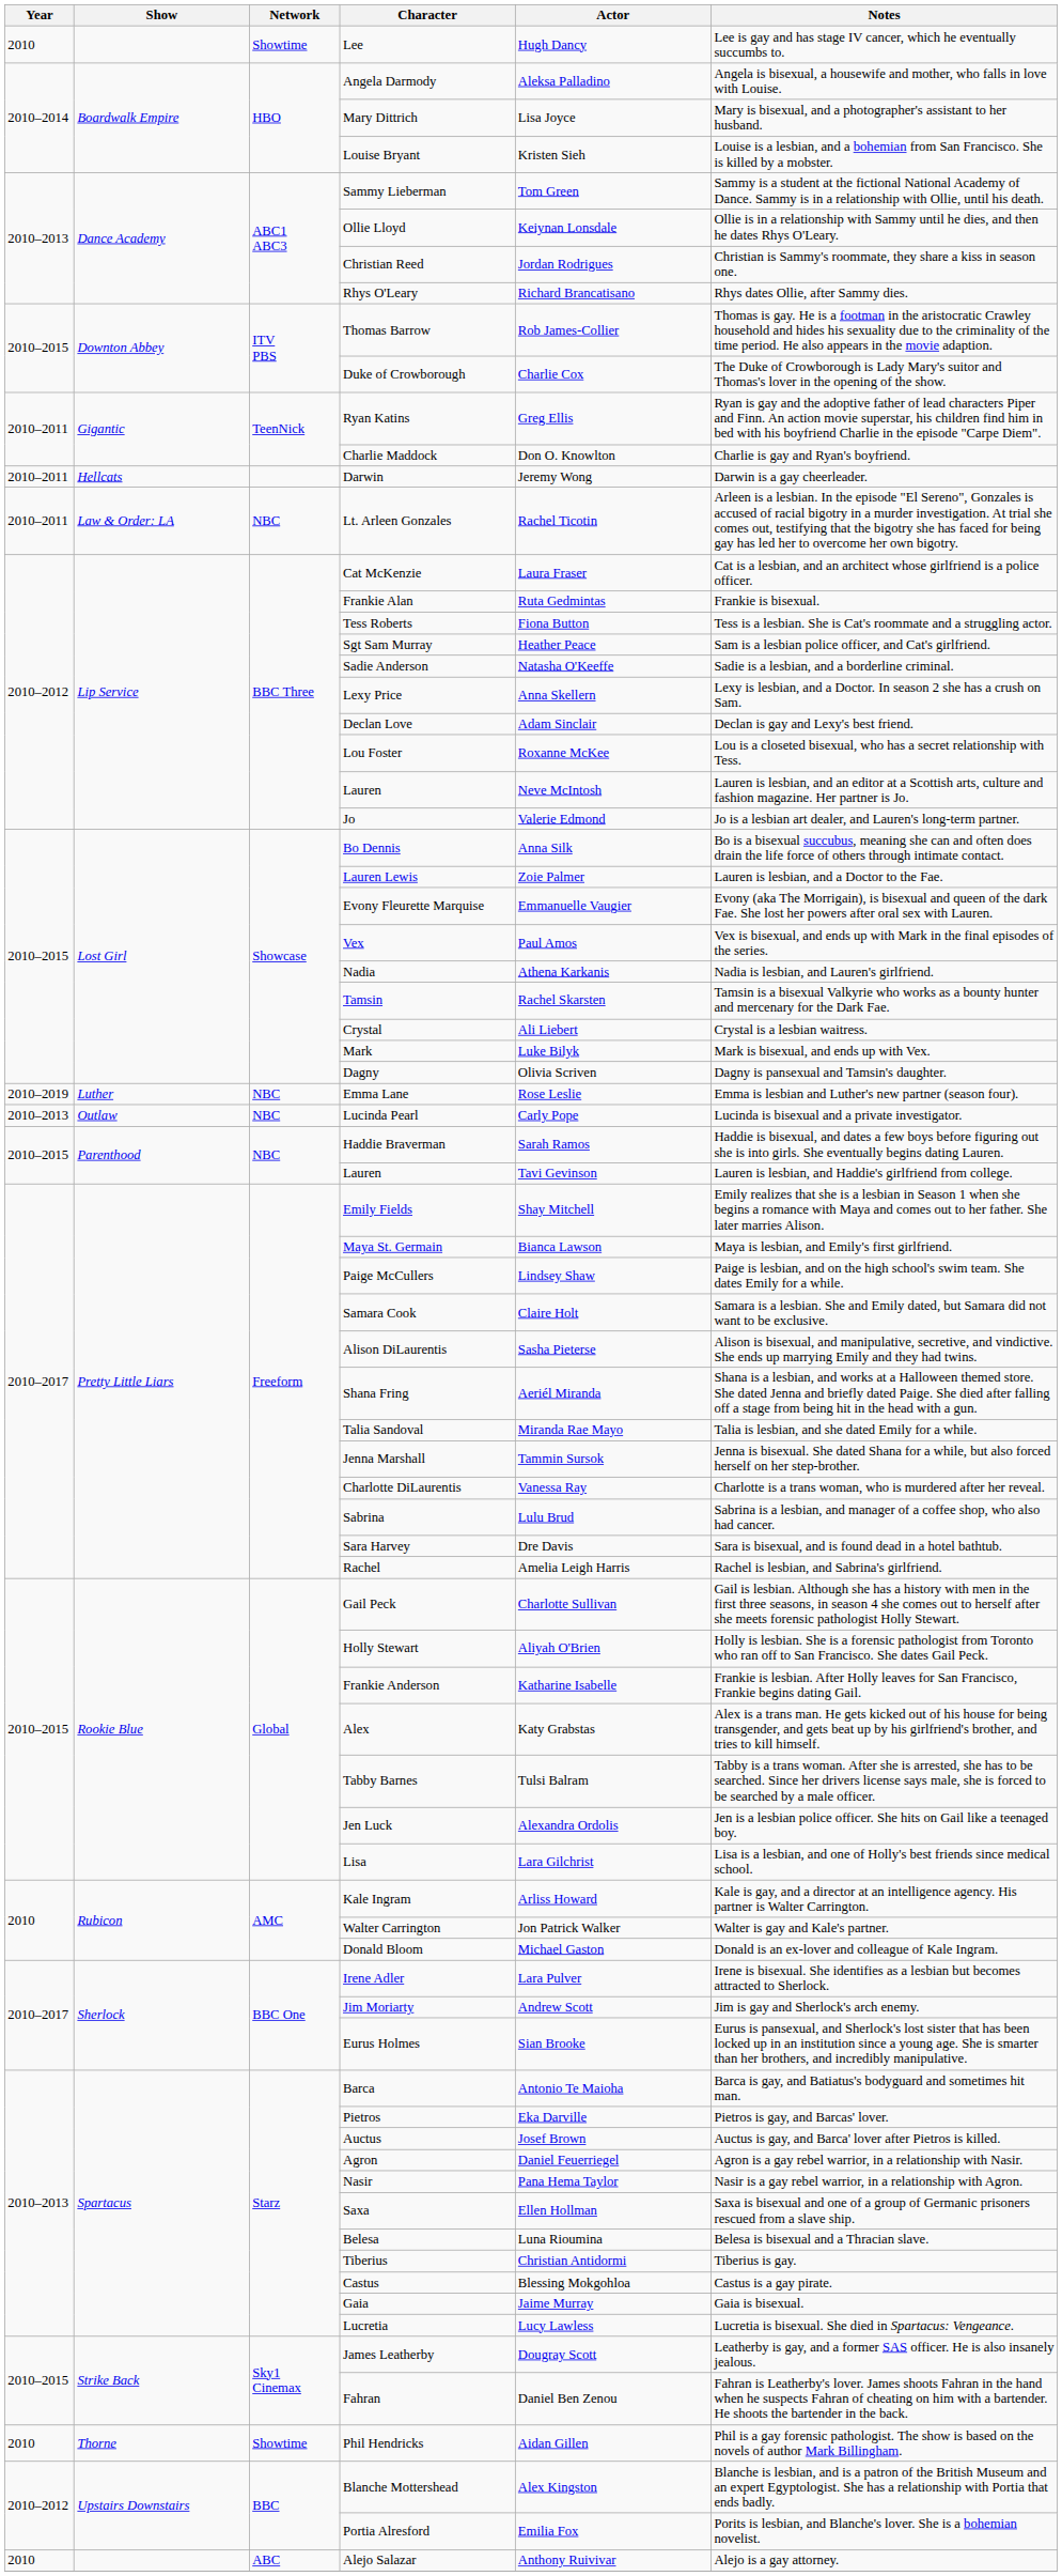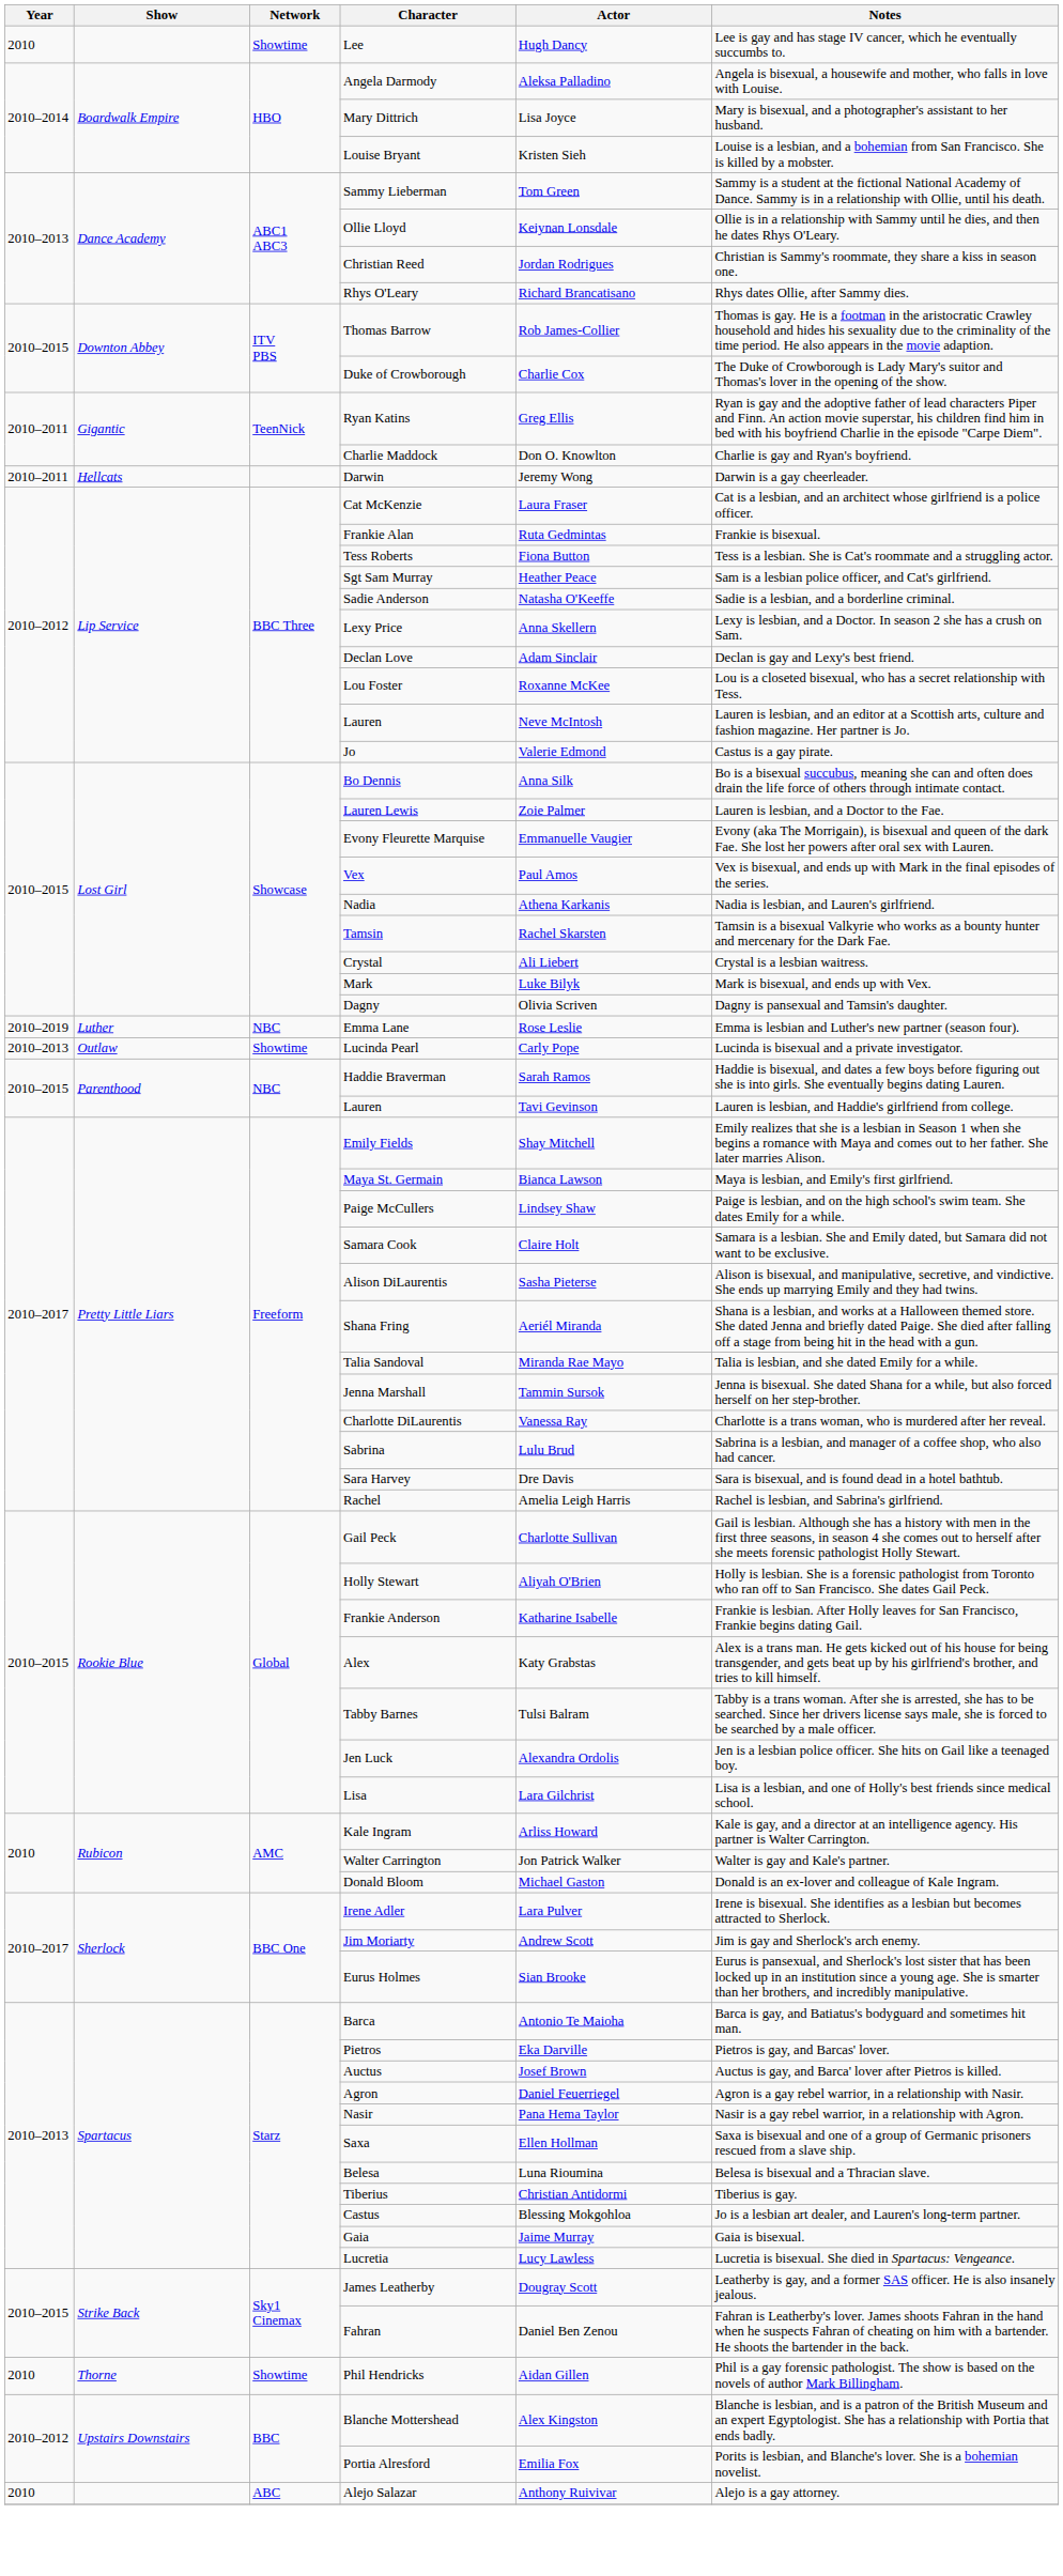 <table class="sortable wikitable" style="margins:auto; width=100%;">
 <tr>
 <th style="width:75px;">Year</th>
 <th style="width:200px;">Show</th>
 <th style="width:100px;">Network</th>
 <th style="width:200px;">Character</th>
 <th style="width:225px;">Actor</th>
 <th>Notes</th>
 </tr>
 <tr>
 <td>2010</td>
 <td><em></em></td>
 <td><a href='#'>Showtime</a></td>
 <td>Lee</td>
 <td><a href='#'>Hugh Dancy</a></td>
 <td>Lee is gay and has stage IV cancer, which he eventually succumbs to.</td>
 </tr>
 <tr>
 <td rowspan="3">2010–2014</td>
 <td rowspan="3"><em><a href='#'>Boardwalk Empire</a></em></td>
 <td rowspan="3"><a href='#'>HBO</a></td>
 <td>Angela Darmody</td>
 <td><a href='#'>Aleksa Palladino</a></td>
 <td>Angela is bisexual, a housewife and mother, who falls in love with Louise.</td>
 </tr>
 <tr>
 <td>Mary Dittrich</td>
 <td>Lisa Joyce</td>
 <td>Mary is bisexual, and a photographer's assistant to her husband.</td>
 </tr>
 <tr>
 <td>Louise Bryant</td>
 <td>Kristen Sieh</td>
 <td>Louise is a lesbian, and a <a href='#'>bohemian</a> from San Francisco. She is killed by a mobster.</td>
 </tr>
 <tr>
 <td rowspan="4">2010–2013</td>
 <td rowspan="4"><em><a href='#'>Dance Academy</a></em></td>
 <td rowspan="4"><a href='#'>ABC1</a><br><a href='#'>ABC3</a></td>
 <td>Sammy Lieberman</td>
 <td><a href='#'>Tom Green</a></td>
 <td>Sammy is a student at the fictional National Academy of Dance. Sammy is in a relationship with Ollie, until his death.</td>
 </tr>
 <tr>
 <td>Ollie Lloyd</td>
 <td><a href='#'>Keiynan Lonsdale</a></td>
 <td>Ollie is in a relationship with Sammy until he dies, and then he dates Rhys O'Leary.</td>
 </tr>
 <tr>
 <td>Christian Reed</td>
 <td><a href='#'>Jordan Rodrigues</a></td>
 <td>Christian is Sammy's roommate, they share a kiss in season one.</td>
 </tr>
 <tr>
 <td>Rhys O'Leary</td>
 <td><a href='#'>Richard Brancatisano</a></td>
 <td>Rhys dates Ollie, after Sammy dies.</td>
 </tr>
 <tr>
 <td rowspan="2">2010–2015</td>
 <td rowspan="2"><em><a href='#'>Downton Abbey</a></em></td>
 <td rowspan="2"><a href='#'>ITV</a><br><a href='#'>PBS</a></td>
 <td>Thomas Barrow</td>
 <td><a href='#'>Rob James-Collier</a></td>
 <td>Thomas is gay. He is a <a href='#'>footman</a> in the aristocratic Crawley household and hides his sexuality due to the criminality of the time period. He also appears in the <a href='#'>movie</a> adaption.</td>
 </tr>
 <tr>
 <td>Duke of Crowborough</td>
 <td><a href='#'>Charlie Cox</a></td>
 <td>The Duke of Crowborough is Lady Mary's suitor and Thomas's lover in the opening of the show.</td>
 </tr>
 <tr>
 <td rowspan="2">2010–2011</td>
 <td rowspan="2"><em><a href='#'>Gigantic</a></em></td>
 <td rowspan="2"><a href='#'>TeenNick</a></td>
 <td>Ryan Katins</td>
 <td><a href='#'>Greg Ellis</a></td>
 <td>Ryan is gay and the adoptive father of lead characters Piper and Finn. An action movie superstar, his children find him in bed with his boyfriend Charlie in the episode "Carpe Diem".</td>
 </tr>
 <tr>
 <td>Charlie Maddock</td>
 <td>Don O. Knowlton</td>
 <td>Charlie is gay and Ryan's boyfriend.</td>
 </tr>
 <tr>
 <td>2010–2011</td>
 <td><em><a href='#'>Hellcats</a></em></td>
 <td></td>
 <td>Darwin</td>
 <td>Jeremy Wong</td>
 <td>Darwin is a gay cheerleader.</td>
 </tr>
 <tr>
-<td>2010–2011</td>
-<td><em><a href='#'>Law & Order: LA</a></em></td>
-<td><a href='#'>NBC</a></td>
-<td>Lt. Arleen Gonzales</td>
-<td><a href='#'>Rachel Ticotin</a></td>
-<td>Arleen is a lesbian. In the episode "El Sereno", Gonzales is accused of racial bigotry in a murder investigation. At trial she comes out, testifying that the bigotry she has faced for being gay has led her to overcome her own bigotry.</td>
-</tr>
-<tr>
 <td rowspan="10">2010–2012</td>
 <td rowspan="10"><em><a href='#'>Lip Service</a></em></td>
 <td rowspan="10"><a href='#'>BBC Three</a></td>
 <td>Cat McKenzie</td>
 <td><a href='#'>Laura Fraser</a></td>
 <td>Cat is a lesbian, and an architect whose girlfriend is a police officer.</td>
 </tr>
 <tr>
 <td>Frankie Alan</td>
 <td><a href='#'>Ruta Gedmintas</a></td>
 <td>Frankie is bisexual.</td>
 </tr>
 <tr>
 <td>Tess Roberts</td>
 <td><a href='#'>Fiona Button</a></td>
 <td>Tess is a lesbian. She is Cat's roommate and a struggling actor.</td>
 </tr>
 <tr>
 <td>Sgt Sam Murray</td>
 <td><a href='#'>Heather Peace</a></td>
 <td>Sam is a lesbian police officer, and Cat's girlfriend.</td>
 </tr>
 <tr>
 <td>Sadie Anderson</td>
 <td><a href='#'>Natasha O'Keeffe</a></td>
 <td>Sadie is a lesbian, and a borderline criminal.</td>
 </tr>
 <tr>
 <td>Lexy Price</td>
 <td><a href='#'>Anna Skellern</a></td>
 <td>Lexy is lesbian, and a Doctor. In season 2 she has a crush on Sam.</td>
 </tr>
 <tr>
 <td>Declan Love</td>
 <td><a href='#'>Adam Sinclair</a></td>
 <td>Declan is gay and Lexy's best friend.</td>
 </tr>
 <tr>
 <td>Lou Foster</td>
 <td><a href='#'>Roxanne McKee</a></td>
 <td>Lou is a closeted bisexual, who has a secret relationship with Tess.</td>
 </tr>
 <tr>
 <td>Lauren</td>
 <td><a href='#'>Neve McIntosh</a></td>
 <td>Lauren is lesbian, and an editor at a Scottish arts, culture and fashion magazine. Her partner is Jo.</td>
 </tr>
 <tr>
 <td>Jo</td>
 <td><a href='#'>Valerie Edmond</a></td>
-<td>Jo is a lesbian art dealer, and Lauren's long-term partner.</td>
+<td>Castus is a gay pirate.</td>
 </tr>
 <tr>
 <td rowspan="9">2010–2015</td>
 <td rowspan="9"><em><a href='#'>Lost Girl</a></em></td>
 <td rowspan="9"><a href='#'>Showcase</a></td>
 <td><a href='#'>Bo Dennis</a></td>
 <td><a href='#'>Anna Silk</a></td>
 <td>Bo is a bisexual <a href='#'>succubus</a>, meaning she can and often does drain the life force of others through intimate contact.</td>
 </tr>
 <tr>
 <td><a href='#'>Lauren Lewis</a></td>
 <td><a href='#'>Zoie Palmer</a></td>
 <td>Lauren is lesbian, and a Doctor to the Fae.</td>
 </tr>
 <tr>
 <td>Evony Fleurette Marquise</td>
 <td><a href='#'>Emmanuelle Vaugier</a></td>
 <td>Evony (aka The Morrigain), is bisexual and queen of the dark Fae. She lost her powers after oral sex with Lauren.</td>
 </tr>
 <tr>
 <td><a href='#'>Vex</a></td>
 <td><a href='#'>Paul Amos</a></td>
 <td>Vex is bisexual, and ends up with Mark in the final episodes of the series.</td>
 </tr>
 <tr>
 <td>Nadia</td>
 <td><a href='#'>Athena Karkanis</a></td>
 <td>Nadia is lesbian, and Lauren's girlfriend.</td>
 </tr>
 <tr>
 <td><a href='#'>Tamsin</a></td>
 <td><a href='#'>Rachel Skarsten</a></td>
 <td>Tamsin is a bisexual Valkyrie who works as a bounty hunter and mercenary for the Dark Fae.</td>
 </tr>
 <tr>
 <td>Crystal</td>
 <td><a href='#'>Ali Liebert</a></td>
 <td>Crystal is a lesbian waitress.</td>
 </tr>
 <tr>
 <td>Mark</td>
 <td><a href='#'>Luke Bilyk</a></td>
 <td>Mark is bisexual, and ends up with Vex.</td>
 </tr>
 <tr>
 <td>Dagny</td>
 <td>Olivia Scriven</td>
 <td>Dagny is pansexual and Tamsin's daughter.</td>
 </tr>
 <tr>
 <td>2010–2019</td>
 <td><em><a href='#'>Luther</a></em></td>
 <td><a href='#'>NBC</a></td>
 <td>Emma Lane</td>
 <td><a href='#'>Rose Leslie</a></td>
 <td>Emma is lesbian and Luther's new partner (season four).</td>
 </tr>
 <tr>
 <td>2010–2013</td>
 <td><em><a href='#'>Outlaw</a></em></td>
-<td><a href='#'>NBC</a></td>
+<td><a href='#'>Showtime</a></td>
 <td>Lucinda Pearl</td>
 <td><a href='#'>Carly Pope</a></td>
 <td>Lucinda is bisexual and a private investigator.</td>
 </tr>
 <tr>
 <td rowspan="2">2010–2015</td>
 <td rowspan="2"><em><a href='#'>Parenthood</a></em></td>
 <td rowspan="2"><a href='#'>NBC</a></td>
 <td>Haddie Braverman</td>
 <td><a href='#'>Sarah Ramos</a></td>
 <td>Haddie is bisexual, and dates a few boys before figuring out she is into girls. She eventually begins dating Lauren.</td>
 </tr>
 <tr>
 <td>Lauren</td>
 <td><a href='#'>Tavi Gevinson</a></td>
 <td>Lauren is lesbian, and Haddie's girlfriend from college.</td>
 </tr>
 <tr>
 <td rowspan="12">2010–2017</td>
 <td rowspan="12"><em><a href='#'>Pretty Little Liars</a></em></td>
 <td rowspan="12"><a href='#'>Freeform</a></td>
 <td><a href='#'>Emily Fields</a></td>
 <td><a href='#'>Shay Mitchell</a></td>
 <td>Emily realizes that she is a lesbian in Season 1 when she begins a romance with Maya and comes out to her father. She later marries Alison.</td>
 </tr>
 <tr>
 <td><a href='#'>Maya St. Germain</a></td>
 <td><a href='#'>Bianca Lawson</a></td>
 <td>Maya is lesbian, and Emily's first girlfriend.</td>
 </tr>
 <tr>
 <td>Paige McCullers</td>
 <td><a href='#'>Lindsey Shaw</a></td>
 <td>Paige is lesbian, and on the high school's swim team. She dates Emily for a while.</td>
 </tr>
 <tr>
 <td>Samara Cook</td>
 <td><a href='#'>Claire Holt</a></td>
 <td>Samara is a lesbian. She and Emily dated, but Samara did not want to be exclusive.</td>
 </tr>
 <tr>
 <td>Alison DiLaurentis</td>
 <td><a href='#'>Sasha Pieterse</a></td>
 <td>Alison is bisexual, and manipulative, secretive, and vindictive. She ends up marrying Emily and they had twins.</td>
 </tr>
 <tr>
 <td>Shana Fring</td>
 <td><a href='#'>Aeriél Miranda</a></td>
 <td>Shana is a lesbian, and works at a Halloween themed store. She dated Jenna and briefly dated Paige. She died after falling off a stage from being hit in the head with a gun.</td>
 </tr>
 <tr>
 <td>Talia Sandoval</td>
 <td><a href='#'>Miranda Rae Mayo</a></td>
 <td>Talia is lesbian, and she dated Emily for a while.</td>
 </tr>
 <tr>
 <td>Jenna Marshall</td>
 <td><a href='#'>Tammin Sursok</a></td>
 <td>Jenna is bisexual. She dated Shana for a while, but also forced herself on her step-brother.</td>
 </tr>
 <tr>
 <td>Charlotte DiLaurentis</td>
 <td><a href='#'>Vanessa Ray</a></td>
 <td>Charlotte is a trans woman, who is murdered after her reveal.</td>
 </tr>
 <tr>
 <td>Sabrina</td>
 <td><a href='#'>Lulu Brud</a></td>
 <td>Sabrina is a lesbian, and manager of a coffee shop, who also had cancer.</td>
 </tr>
 <tr>
 <td>Sara Harvey</td>
 <td>Dre Davis</td>
 <td>Sara is bisexual, and is found dead in a hotel bathtub.</td>
 </tr>
 <tr>
 <td>Rachel</td>
 <td>Amelia Leigh Harris</td>
 <td>Rachel is lesbian, and Sabrina's girlfriend.</td>
 </tr>
 <tr>
 <td rowspan="7">2010–2015</td>
 <td rowspan="7"><em><a href='#'>Rookie Blue</a></em></td>
 <td rowspan="7"><a href='#'>Global</a></td>
 <td>Gail Peck</td>
 <td><a href='#'>Charlotte Sullivan</a></td>
 <td>Gail is lesbian. Although she has a history with men in the first three seasons, in season 4 she comes out to herself after she meets forensic pathologist Holly Stewart.</td>
 </tr>
 <tr>
 <td>Holly Stewart</td>
 <td><a href='#'>Aliyah O'Brien</a></td>
 <td>Holly is lesbian. She is a forensic pathologist from Toronto who ran off to San Francisco. She dates Gail Peck.</td>
 </tr>
 <tr>
 <td>Frankie Anderson</td>
 <td><a href='#'>Katharine Isabelle</a></td>
 <td>Frankie is lesbian. After Holly leaves for San Francisco, Frankie begins dating Gail.</td>
 </tr>
 <tr>
 <td>Alex</td>
 <td>Katy Grabstas</td>
 <td>Alex is a trans man. He gets kicked out of his house for being transgender, and gets beat up by his girlfriend's brother, and tries to kill himself.</td>
 </tr>
 <tr>
 <td>Tabby Barnes</td>
 <td>Tulsi Balram</td>
 <td>Tabby is a trans woman. After she is arrested, she has to be searched. Since her drivers license says male, she is forced to be searched by a male officer.</td>
 </tr>
 <tr>
 <td>Jen Luck</td>
 <td><a href='#'>Alexandra Ordolis</a></td>
 <td>Jen is a lesbian police officer. She hits on Gail like a teenaged boy.</td>
 </tr>
 <tr>
 <td>Lisa</td>
 <td><a href='#'>Lara Gilchrist</a></td>
 <td>Lisa is a lesbian, and one of Holly's best friends since medical school.</td>
 </tr>
 <tr>
 <td rowspan="3">2010</td>
 <td rowspan="3"><em><a href='#'>Rubicon</a></em></td>
 <td rowspan="3"><a href='#'>AMC</a></td>
 <td>Kale Ingram</td>
 <td><a href='#'>Arliss Howard</a></td>
 <td>Kale is gay, and a director at an intelligence agency. His partner is Walter Carrington.</td>
 </tr>
 <tr>
 <td>Walter Carrington</td>
 <td>Jon Patrick Walker</td>
 <td>Walter is gay and Kale's partner.</td>
 </tr>
 <tr>
 <td>Donald Bloom</td>
 <td><a href='#'>Michael Gaston</a></td>
 <td>Donald is an ex-lover and colleague of Kale Ingram.</td>
 </tr>
 <tr>
 <td rowspan="3">2010–2017</td>
 <td rowspan="3"><em><a href='#'>Sherlock</a></em></td>
 <td rowspan="3"><a href='#'>BBC One</a></td>
 <td><a href='#'>Irene Adler</a></td>
 <td><a href='#'>Lara Pulver</a></td>
 <td>Irene is bisexual. She identifies as a lesbian but becomes attracted to Sherlock.</td>
 </tr>
 <tr>
 <td><a href='#'>Jim Moriarty</a></td>
 <td><a href='#'>Andrew Scott</a></td>
 <td>Jim is gay and Sherlock's arch enemy.</td>
 </tr>
 <tr>
 <td>Eurus Holmes</td>
 <td><a href='#'>Sian Brooke</a></td>
 <td>Eurus is pansexual, and Sherlock's lost sister that has been locked up in an institution since a young age. She is smarter than her brothers, and incredibly manipulative.</td>
 </tr>
 <tr>
 <td rowspan="11">2010–2013</td>
 <td rowspan="11"><em><a href='#'>Spartacus</a></em></td>
 <td rowspan="11"><a href='#'>Starz</a></td>
 <td>Barca</td>
 <td><a href='#'>Antonio Te Maioha</a></td>
 <td>Barca is gay, and Batiatus's bodyguard and sometimes hit man.</td>
 </tr>
 <tr>
 <td>Pietros</td>
 <td><a href='#'>Eka Darville</a></td>
 <td>Pietros is gay, and Barcas' lover.</td>
 </tr>
 <tr>
 <td>Auctus</td>
 <td><a href='#'>Josef Brown</a></td>
 <td>Auctus is gay, and Barca' lover after Pietros is killed.</td>
 </tr>
 <tr>
 <td>Agron</td>
 <td><a href='#'>Daniel Feuerriegel</a></td>
 <td>Agron is a gay rebel warrior, in a relationship with Nasir.</td>
 </tr>
 <tr>
 <td>Nasir</td>
 <td><a href='#'>Pana Hema Taylor</a></td>
 <td>Nasir is a gay rebel warrior, in a relationship with Agron.</td>
 </tr>
 <tr>
 <td>Saxa</td>
 <td><a href='#'>Ellen Hollman</a></td>
 <td>Saxa is bisexual and one of a group of Germanic prisoners rescued from a slave ship.</td>
 </tr>
 <tr>
 <td>Belesa</td>
 <td>Luna Rioumina</td>
 <td>Belesa is bisexual and a Thracian slave.</td>
 </tr>
 <tr>
 <td>Tiberius</td>
 <td><a href='#'>Christian Antidormi</a></td>
 <td>Tiberius is gay.</td>
 </tr>
 <tr>
 <td>Castus</td>
 <td>Blessing Mokgohloa</td>
-<td>Castus is a gay pirate.</td>
+<td>Jo is a lesbian art dealer, and Lauren's long-term partner.</td>
 </tr>
 <tr>
 <td>Gaia</td>
 <td><a href='#'>Jaime Murray</a></td>
 <td>Gaia is bisexual.</td>
 </tr>
 <tr>
 <td>Lucretia</td>
 <td><a href='#'>Lucy Lawless</a></td>
 <td>Lucretia is bisexual. She died in <em>Spartacus: Vengeance</em>.</td>
 </tr>
 <tr>
 <td rowspan="2">2010–2015</td>
 <td rowspan="2"><em><a href='#'>Strike Back</a></em></td>
 <td rowspan="2"><a href='#'>Sky1</a><br><a href='#'>Cinemax</a></td>
 <td>James Leatherby</td>
 <td><a href='#'>Dougray Scott</a></td>
 <td>Leatherby is gay, and a former <a href='#'>SAS</a> officer. He is also insanely jealous.</td>
 </tr>
 <tr>
 <td>Fahran</td>
 <td>Daniel Ben Zenou</td>
 <td>Fahran is Leatherby's lover. James shoots Fahran in the hand when he suspects Fahran of cheating on him with a bartender. He shoots the bartender in the back.</td>
 </tr>
 <tr>
 <td>2010</td>
 <td><em><a href='#'>Thorne</a></em></td>
 <td><a href='#'>Showtime</a></td>
 <td>Phil Hendricks</td>
 <td><a href='#'>Aidan Gillen</a></td>
 <td>Phil is a gay forensic pathologist. The show is based on the novels of author <a href='#'>Mark Billingham</a>.</td>
 </tr>
 <tr>
 <td rowspan="2">2010–2012</td>
 <td rowspan="2"><em><a href='#'>Upstairs Downstairs</a></em></td>
 <td rowspan="2"><a href='#'>BBC</a></td>
 <td>Blanche Mottershead</td>
 <td><a href='#'>Alex Kingston</a></td>
 <td>Blanche is lesbian, and is a patron of the British Museum and an expert Egyptologist. She has a relationship with Portia that ends badly.</td>
 </tr>
 <tr>
 <td>Portia Alresford</td>
 <td><a href='#'>Emilia Fox</a></td>
 <td>Porits is lesbian, and Blanche's lover. She is a <a href='#'>bohemian</a> novelist.</td>
 </tr>
 <tr>
 <td>2010</td>
 <td><em></em></td>
 <td><a href='#'>ABC</a></td>
 <td>Alejo Salazar</td>
 <td><a href='#'>Anthony Ruivivar</a></td>
 <td>Alejo is a gay attorney.</td>
 </tr>
 <tr>
 </tr>
 </table>
